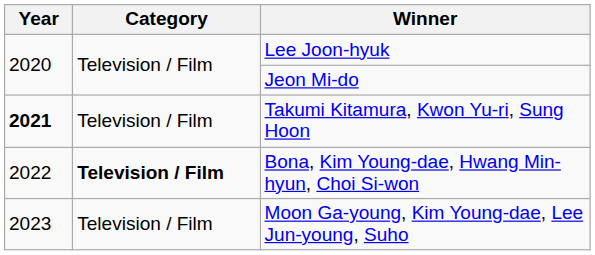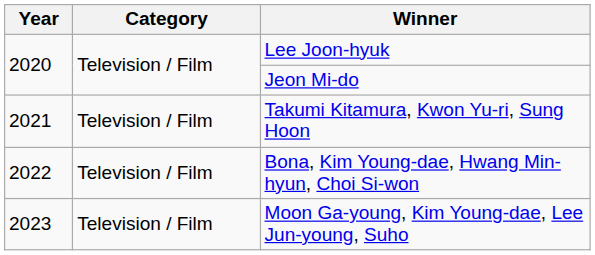 <table class="wikitable">
 <tr align=center>
 <th style="width:50px">Year</th>
 <th style="width:150px">Category</th>
 <th style="width:270px">Winner</th>
 </tr>
 <tr>
 <td rowspan="2">2020</td>
 <td rowspan="2">Television / Film</td>
 <td><a href='#'>Lee Joon-hyuk</a></td>
 </tr>
 <tr>
 <td><a href='#'>Jeon Mi-do</a></td>
 </tr>
 <tr>
-<td><strong>2021</strong></td>
+<td>2021</td>
 <td>Television / Film</td>
 <td><a href='#'>Takumi Kitamura</a>, <a href='#'>Kwon Yu-ri</a>, <a href='#'>Sung Hoon</a></td>
 </tr>
 <tr>
 <td>2022</td>
-<td><strong>Television / Film</strong></td>
+<td>Television / Film</td>
 <td><a href='#'>Bona</a>, <a href='#'>Kim Young-dae</a>, <a href='#'>Hwang Min-hyun</a>, <a href='#'>Choi Si-won</a></td>
 </tr>
 <tr>
 <td>2023</td>
 <td>Television / Film</td>
 <td><a href='#'>Moon Ga-young</a>, <a href='#'>Kim Young-dae</a>, <a href='#'>Lee Jun-young</a>, <a href='#'>Suho</a></td>
 </tr>
 </table>
